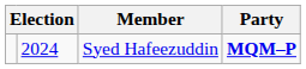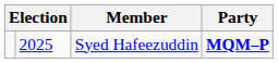 <table class="wikitable">
 <tr>
 <th colspan="2">Election</th>
 <th>Member</th>
 <th>Party</th>
 </tr>
 <tr>
 <td style="background-color: "></td>
-<td><a href='#'>2024</a></td>
+<td><a href='#'>2025</a></td>
 <td><a href='#'>Syed Hafeezuddin</a></td>
 <td><strong><a href='#'>MQM–P</a></strong></td>
 </tr>
 </table>
